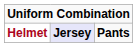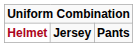 <table class="wikitable">
 <tr>
 <td align="center" Colspan="3"><strong>Uniform Combination</strong></td>
 </tr>
 <tr align="center">
 <td style="background:white; color:#AB0520"><strong>Helmet</strong></td>
-<td style="background: lavender;"><strong>Jersey</strong></td>
+<td><strong>Jersey</strong></td>
 <td><strong>Pants</strong></td>
 </tr>
 </table>
